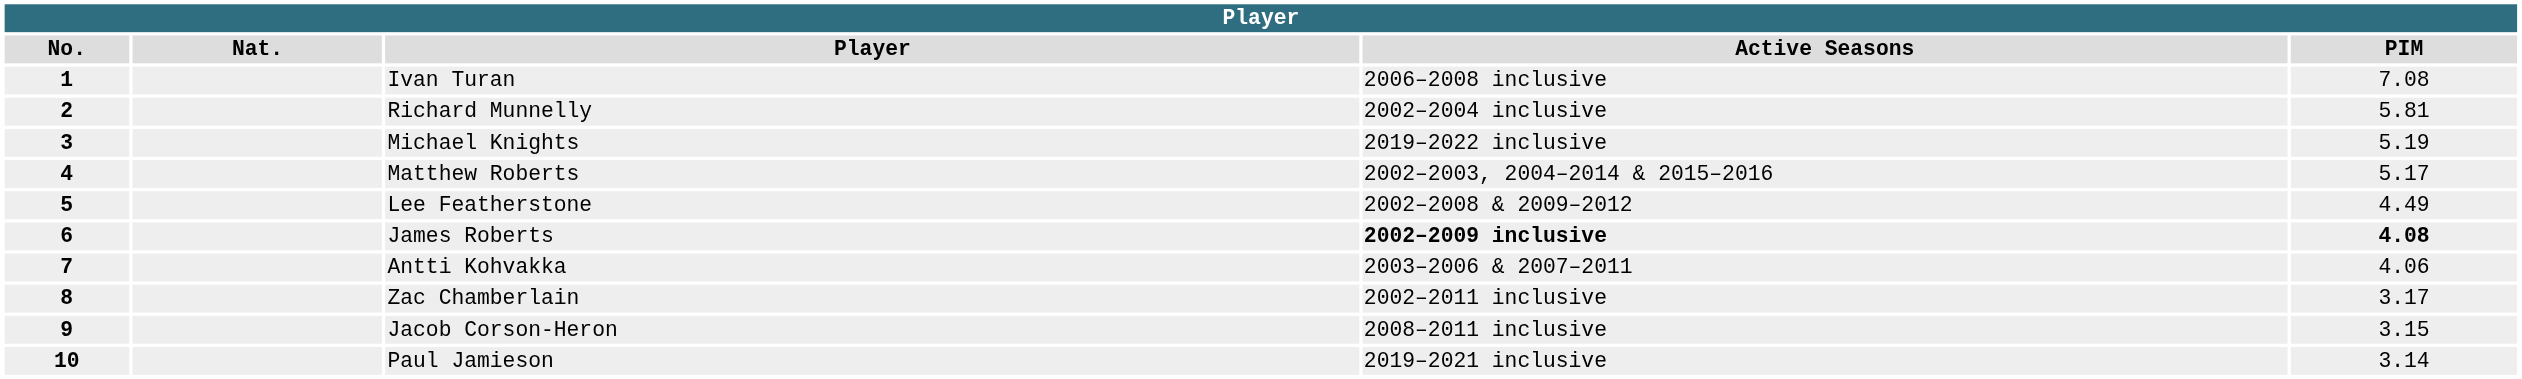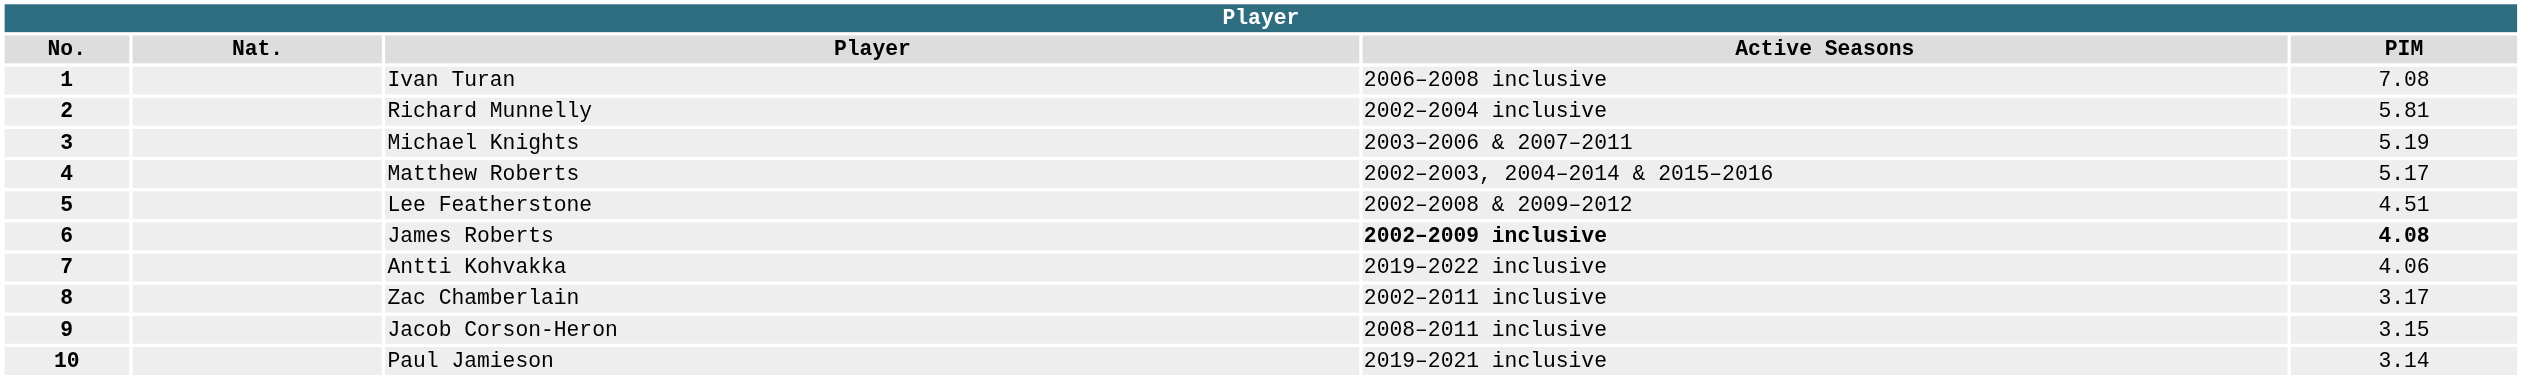 <table class="toccolours"  style="width:97%; clear:both; margin:1.5em auto; text-align:center;">
 <tr>
 <th colspan="11" style="background:#2f6d81; color:white;”">Player</th>
 </tr>
 <tr style="background:#ddd;">
 <th width=5%>No.</th>
 <th width=10%>Nat.</th>
 <th !width=30%>Player</th>
 <th width=37%>Active Seasons</th>
 <th widith=18%>PIM</th>
 </tr>
 <tr style="background:#eee;">
 <td><strong>1</strong></td>
 <td></td>
 <td align="left">Ivan Turan</td>
 <td align=left>2006–2008 inclusive</td>
 <td>7.08</td>
 </tr>
 <tr style="background:#eee;">
 <td><strong>2</strong></td>
 <td></td>
 <td align=left>Richard Munnelly</td>
 <td align=left>2002–2004 inclusive</td>
 <td>5.81</td>
 </tr>
 <tr style="background:#eee;">
 <td><strong>3</strong></td>
 <td></td>
 <td align=left>Michael Knights</td>
-<td align=left>2019–2022 inclusive</td>
+<td align=left>2003–2006 & 2007–2011</td>
 <td>5.19</td>
 </tr>
 <tr style="background:#eee;">
 <td><strong>4</strong></td>
 <td></td>
 <td align=left>Matthew Roberts</td>
 <td align=left>2002–2003, 2004–2014 & 2015–2016</td>
 <td>5.17</td>
 </tr>
 <tr style="background:#eee;">
 <td><strong>5</strong></td>
 <td></td>
 <td align=left>Lee Featherstone</td>
 <td align=left>2002–2008 & 2009–2012</td>
-<td>4.49</td>
+<td>4.51</td>
 </tr>
 <tr style="background:#eee;">
 <td><strong>6</strong></td>
 <td></td>
 <td align=left>James Roberts</td>
 <td align=left><strong>2002–2009 inclusive</strong></td>
 <td><strong>4.08</strong></td>
 </tr>
 <tr style="background:#eee;">
 <td><strong>7</strong></td>
 <td></td>
 <td align=left>Antti Kohvakka</td>
-<td align=left>2003–2006 & 2007–2011</td>
+<td align=left>2019–2022 inclusive</td>
 <td>4.06</td>
 </tr>
 <tr style="background:#eee;">
 <td><strong>8</strong></td>
 <td></td>
 <td align=left>Zac Chamberlain</td>
 <td align=left>2002–2011 inclusive</td>
 <td>3.17</td>
 </tr>
 <tr style="background:#eee;">
 <td><strong>9</strong></td>
 <td></td>
 <td align=left>Jacob Corson-Heron</td>
 <td align=left>2008–2011 inclusive</td>
 <td>3.15</td>
 </tr>
 <tr style="background:#eee;">
 <td><strong>10</strong></td>
 <td></td>
 <td align=left>Paul Jamieson</td>
 <td align=left>2019–2021 inclusive</td>
 <td>3.14</td>
 </tr>
 </table>
